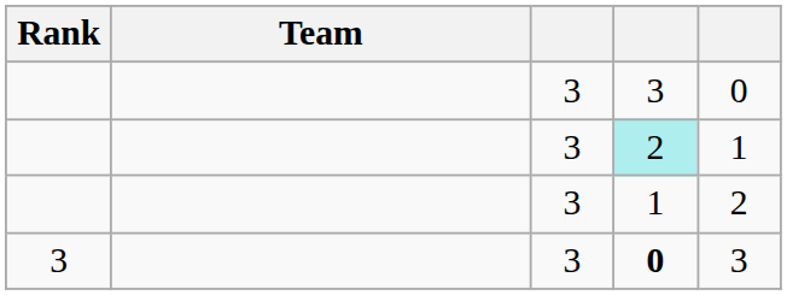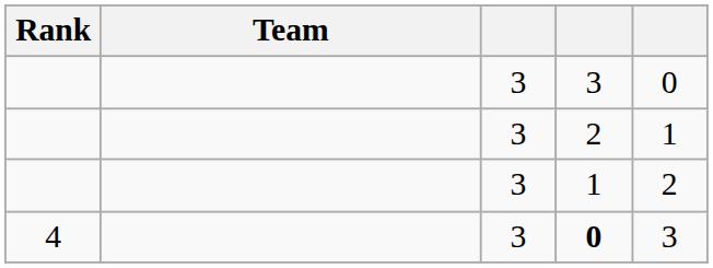 <table class="wikitable" style="text-align: center;">
 <tr>
 <th width=40>Rank</th>
 <th width=180>Team</th>
 <th width=30></th>
 <th width=30></th>
 <th width=30></th>
 </tr>
 <tr>
 <td></td>
 <td align=left></td>
 <td>3</td>
 <td>3</td>
 <td>0</td>
 </tr>
 <tr>
 <td></td>
 <td align=left></td>
 <td>3</td>
-<td style="background: paleturquoise;">2</td>
+<td>2</td>
 <td>1</td>
 </tr>
 <tr>
 <td></td>
 <td align=left></td>
 <td>3</td>
 <td>1</td>
 <td>2</td>
 </tr>
 <tr>
-<td>3</td>
+<td>4</td>
 <td align=left></td>
 <td>3</td>
 <td><strong>0</strong></td>
 <td>3</td>
 </tr>
 </table>
